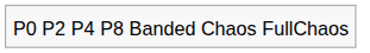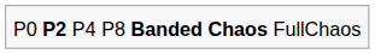 <table align="center" style="border: 1px solid #aaaaaa; background: #f8f8f8; padding: 2px; font-size: 88%; margin: 0 0px 0 0px;"|>
 <tr>
 <td></td>
 <td></td>
 <td></td>
 <td></td>
 <td></td>
 <td></td>
 </tr>
 <tr>
 <td align=center>P0</td>
-<td align=center>P2</td>
+<td align=center><strong>P2</strong></td>
 <td align=center>P4</td>
 <td align=center>P8</td>
-<td align=center>Banded Chaos</td>
+<td align=center><strong>Banded Chaos</strong></td>
 <td align=center>FullChaos</td>
 </tr>
 </table>
